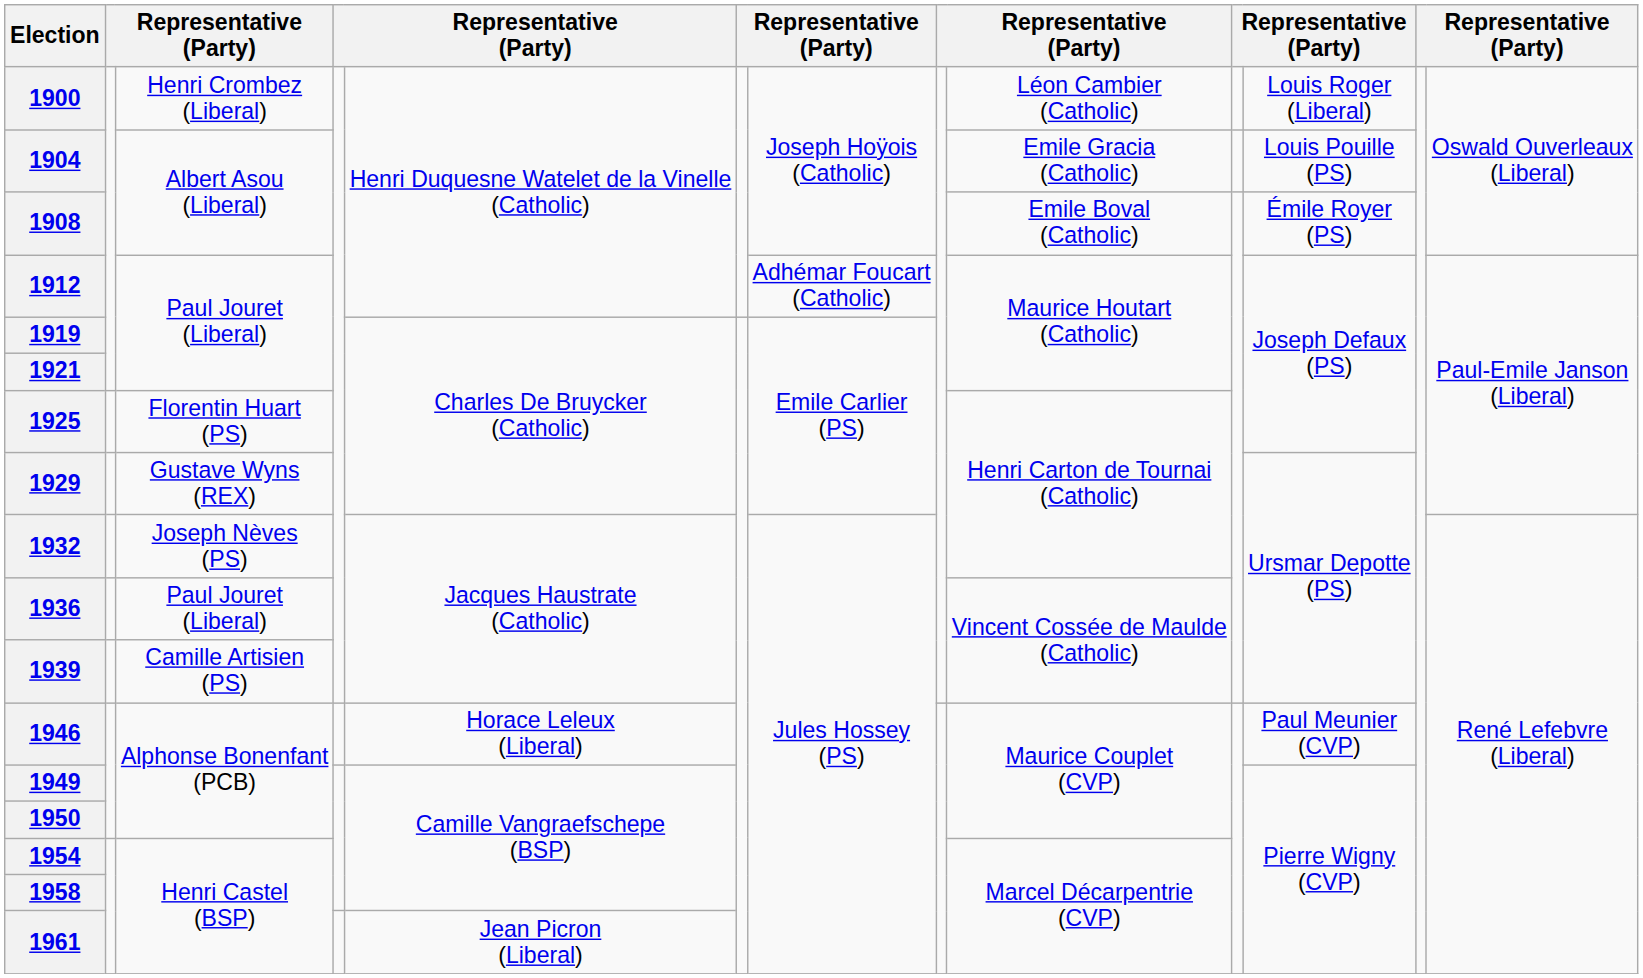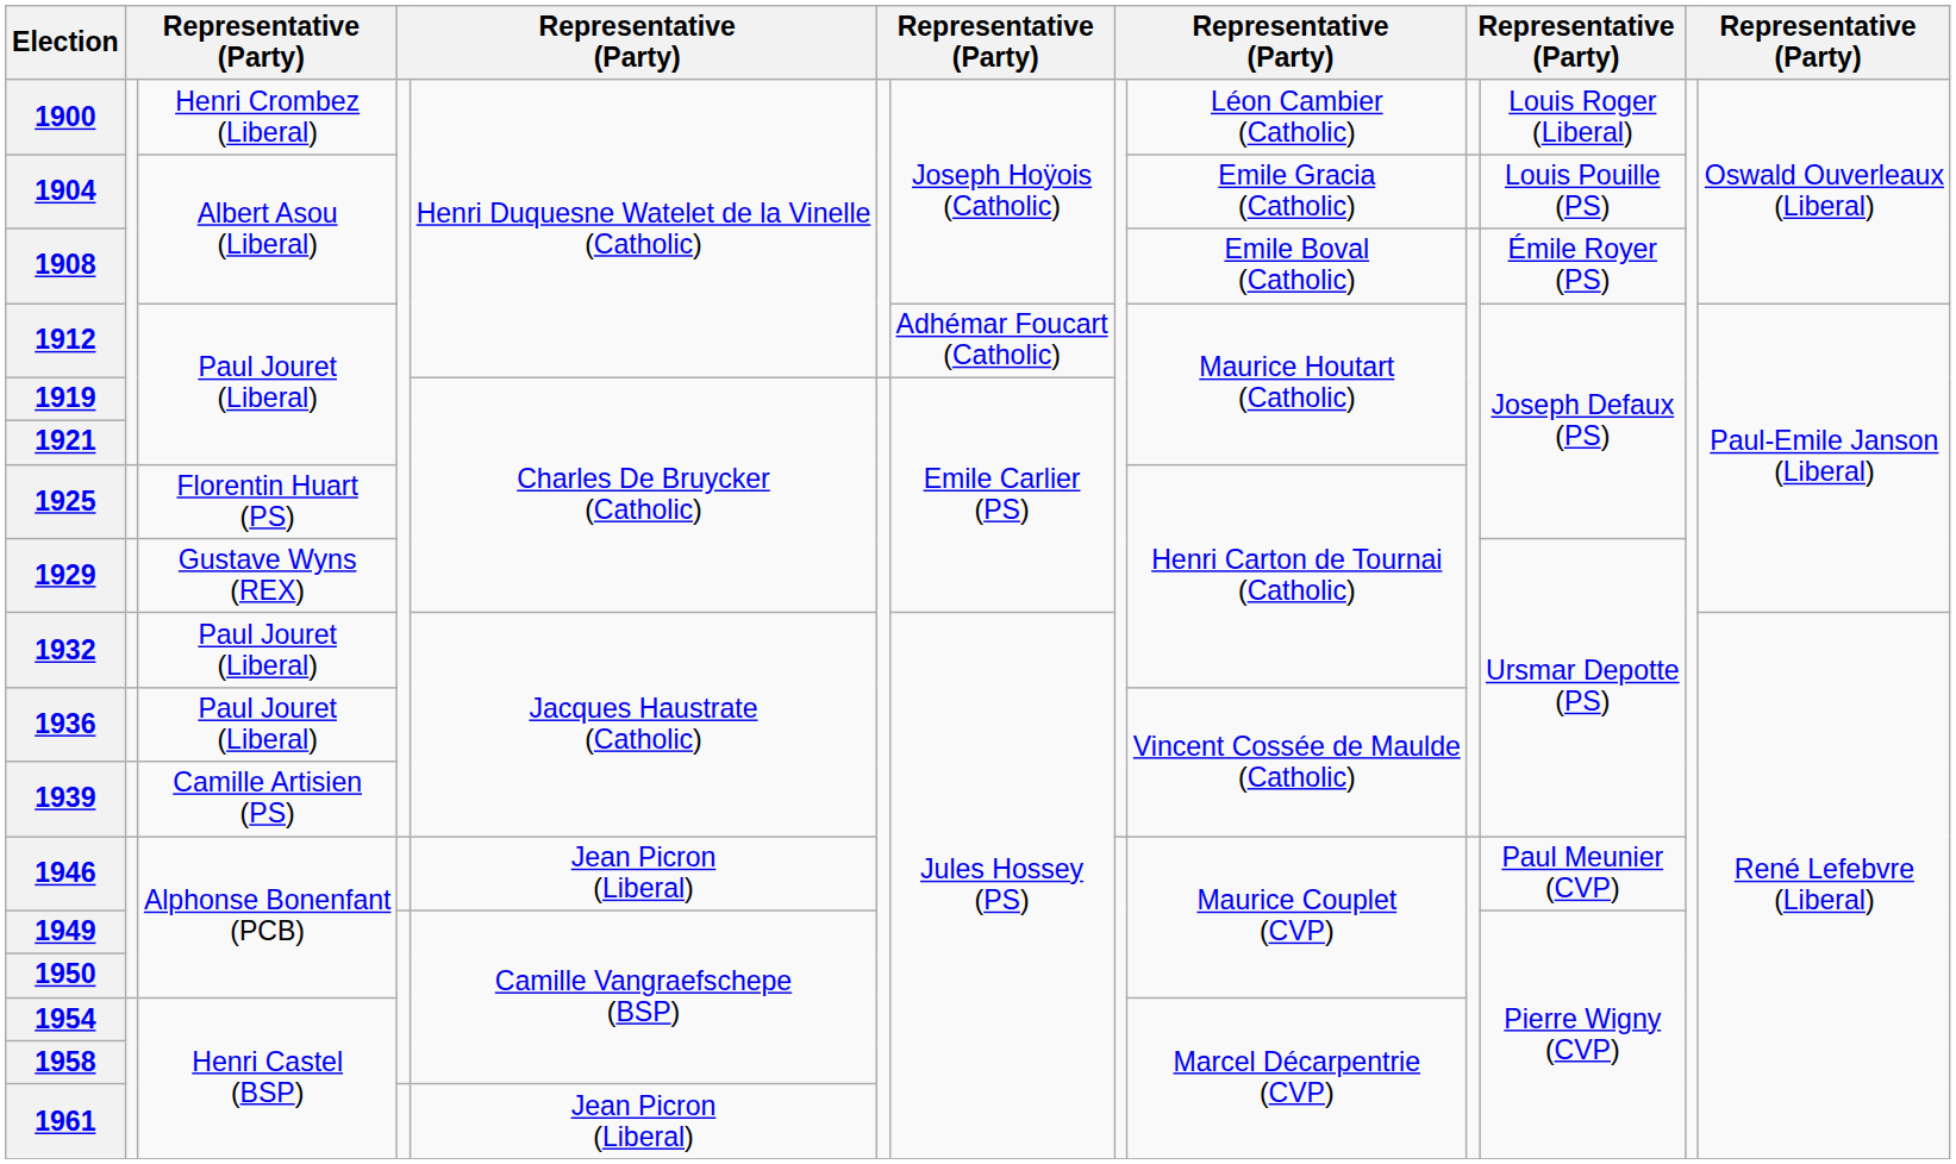 <table class="wikitable" style="text-align:center">
 <tr>
 <th>Election</th>
 <th colspan=2>Representative<br>(Party)</th>
 <th colspan=2>Representative<br>(Party)</th>
 <th colspan=2>Representative<br>(Party)</th>
 <th colspan=2>Representative<br>(Party)</th>
 <th colspan=2>Representative<br>(Party)</th>
 <th colspan=2>Representative<br>(Party)</th>
 </tr>
 <tr>
 <th><a href='#'>1900</a></th>
 <td rowspan=6; style="background-color: "></td>
 <td rowspan=1><a href='#'>Henri Crombez</a><br>(<a href='#'>Liberal</a>)</td>
 <td rowspan=11; style="background-color: "></td>
 <td rowspan=4><a href='#'>Henri Duquesne Watelet de la Vinelle</a><br>(<a href='#'>Catholic</a>)</td>
 <td rowspan=4; style="background-color: "></td>
 <td rowspan=3><a href='#'>Joseph Hoÿois</a><br>(<a href='#'>Catholic</a>)</td>
 <td rowspan=11; style="background-color: "></td>
 <td rowspan=1><a href='#'>Léon Cambier</a><br>(<a href='#'>Catholic</a>)</td>
 <td rowspan=1; style="background-color: "></td>
 <td rowspan=1><a href='#'>Louis Roger</a><br>(<a href='#'>Liberal</a>)</td>
 <td rowspan=17; style="background-color: "></td>
 <td rowspan=3><a href='#'>Oswald Ouverleaux</a><br>(<a href='#'>Liberal</a>)</td>
 </tr>
 <tr>
 <th><a href='#'>1904</a></th>
 <td rowspan=2><a href='#'>Albert Asou</a><br>(<a href='#'>Liberal</a>)</td>
 <td rowspan=1><a href='#'>Emile Gracia</a><br>(<a href='#'>Catholic</a>)</td>
 <td rowspan=1; style="background-color: "></td>
 <td rowspan=1><a href='#'>Louis Pouille</a><br>(<a href='#'>PS</a>)</td>
 </tr>
 <tr>
 <th><a href='#'>1908</a></th>
 <td rowspan=1><a href='#'>Emile Boval</a><br>(<a href='#'>Catholic</a>)</td>
 <td rowspan=9; style="background-color: "></td>
 <td rowspan=1><a href='#'>Émile Royer</a><br>(<a href='#'>PS</a>)</td>
 </tr>
 <tr>
 <th><a href='#'>1912</a></th>
 <td rowspan=3><a href='#'>Paul Jouret</a><br>(<a href='#'>Liberal</a>)</td>
 <td rowspan=1><a href='#'>Adhémar Foucart</a><br>(<a href='#'>Catholic</a>)</td>
 <td rowspan=3><a href='#'>Maurice Houtart</a><br>(<a href='#'>Catholic</a>)</td>
 <td rowspan=4><a href='#'>Joseph Defaux</a><br>(<a href='#'>PS</a>)</td>
 <td rowspan=5><a href='#'>Paul-Emile Janson</a><br>(<a href='#'>Liberal</a>)</td>
 </tr>
 <tr>
 <th><a href='#'>1919</a></th>
 <td rowspan=4><a href='#'>Charles De Bruycker</a><br>(<a href='#'>Catholic</a>)</td>
 <td rowspan=13; style="background-color: "></td>
 <td rowspan=4><a href='#'>Emile Carlier</a><br>(<a href='#'>PS</a>)</td>
 </tr>
 <tr>
 <th><a href='#'>1921</a></th>
 </tr>
 <tr>
 <th><a href='#'>1925</a></th>
 <td rowspan=1; style="background-color: "></td>
 <td rowspan=1><a href='#'>Florentin Huart</a><br>(<a href='#'>PS</a>)</td>
 <td rowspan=3><a href='#'>Henri Carton de Tournai</a><br>(<a href='#'>Catholic</a>)</td>
 </tr>
 <tr>
 <th><a href='#'>1929</a></th>
 <td rowspan=1; style="background-color: "></td>
 <td rowspan=1><a href='#'>Gustave Wyns</a><br>(<a href='#'>REX</a>)</td>
 <td rowspan=4><a href='#'>Ursmar Depotte</a><br>(<a href='#'>PS</a>)</td>
 </tr>
 <tr>
 <th><a href='#'>1932</a></th>
 <td rowspan=1; style="background-color: "></td>
-<td rowspan=1><a href='#'>Joseph Nèves</a><br>(<a href='#'>PS</a>)</td>
+<td rowspan=1><a href='#'>Paul Jouret</a><br>(<a href='#'>Liberal</a>)</td>
 <td rowspan=3><a href='#'>Jacques Haustrate</a><br>(<a href='#'>Catholic</a>)</td>
 <td rowspan=9><a href='#'>Jules Hossey</a><br>(<a href='#'>PS</a>)</td>
 <td rowspan=9><a href='#'>René Lefebvre</a><br>(<a href='#'>Liberal</a>)</td>
 </tr>
 <tr>
 <th><a href='#'>1936</a></th>
 <td rowspan=1; style="background-color: "></td>
 <td rowspan=1><a href='#'>Paul Jouret</a><br>(<a href='#'>Liberal</a>)</td>
 <td rowspan=2><a href='#'>Vincent Cossée de Maulde</a><br>(<a href='#'>Catholic</a>)</td>
 </tr>
 <tr>
 <th><a href='#'>1939</a></th>
 <td rowspan=1; style="background-color: "></td>
 <td rowspan=1><a href='#'>Camille Artisien</a><br>(<a href='#'>PS</a>)</td>
 </tr>
 <tr>
 <th><a href='#'>1946</a></th>
 <td rowspan=3; style="background-color: "></td>
 <td rowspan=3><a href='#'>Alphonse Bonenfant</a><br>(PCB)</td>
 <td rowspan=1; style="background-color: "></td>
-<td rowspan=1><a href='#'>Horace Leleux</a><br>(<a href='#'>Liberal</a>)</td>
+<td rowspan=1><a href='#'>Jean Picron</a><br>(<a href='#'>Liberal</a>)</td>
 <td rowspan=6; style="background-color: "></td>
 <td rowspan=3><a href='#'>Maurice Couplet</a><br>(<a href='#'>CVP</a>)</td>
 <td rowspan=6; style="background-color: "></td>
 <td rowspan=1><a href='#'>Paul Meunier</a><br>(<a href='#'>CVP</a>)</td>
 </tr>
 <tr>
 <th><a href='#'>1949</a></th>
 <td rowspan=4; style="background-color: "></td>
 <td rowspan=4><a href='#'>Camille Vangraefschepe</a><br>(<a href='#'>BSP</a>)</td>
 <td rowspan=5><a href='#'>Pierre Wigny</a><br>(<a href='#'>CVP</a>)</td>
 </tr>
 <tr>
 <th><a href='#'>1950</a></th>
 </tr>
 <tr>
 <th><a href='#'>1954</a></th>
 <td rowspan=3; style="background-color: "></td>
 <td rowspan=3><a href='#'>Henri Castel</a><br>(<a href='#'>BSP</a>)</td>
 <td rowspan=3><a href='#'>Marcel Décarpentrie</a><br>(<a href='#'>CVP</a>)</td>
 </tr>
 <tr>
 <th><a href='#'>1958</a></th>
 </tr>
 <tr>
 <th><a href='#'>1961</a></th>
 <td rowspan=1; style="background-color: "></td>
 <td rowspan=1><a href='#'>Jean Picron</a><br>(<a href='#'>Liberal</a>)</td>
 </tr>
 </table>
